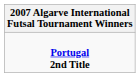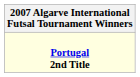 <table class="wikitable" style="text-align: center; margin: 0 auto;">
 <tr>
 <th>2007 Algarve International <br>Futsal Tournament Winners</th>
 </tr>
 <tr>
-<td><br><strong><a href='#'>Portugal</a></strong><br><strong>2nd Title</strong></td>
+<td style="background: lightyellow;"><br><strong><a href='#'>Portugal</a></strong><br><strong>2nd Title</strong></td>
 </tr>
 </table>
